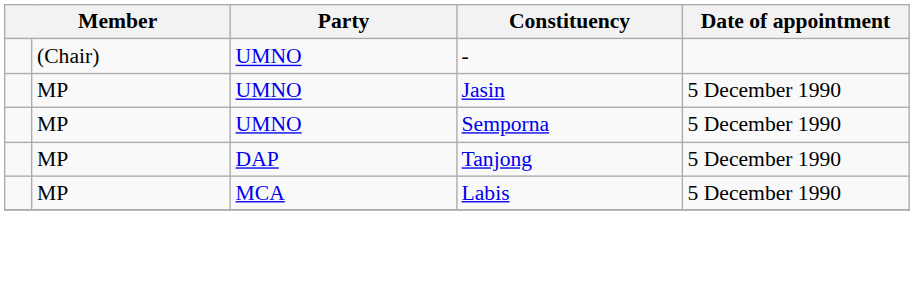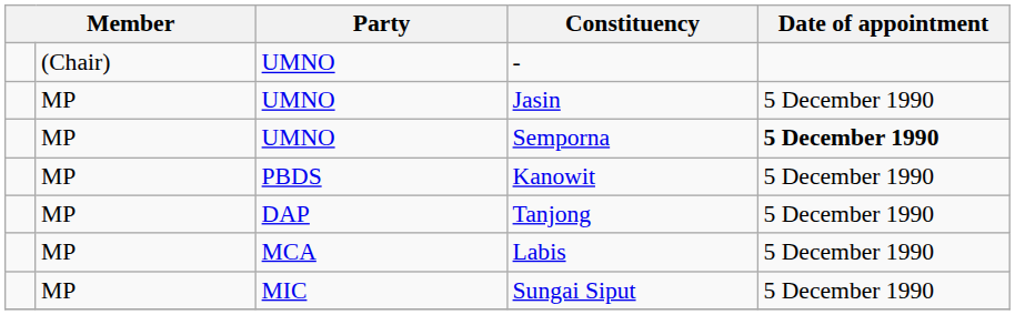 <table class="sortable wikitable">
 <tr>
 <th width="160px" colspan="2" valign="top">Member</th>
 <th width="160px" valign="top">Party</th>
 <th width="160px" valign="top">Constituency</th>
 <th width="160px" valign="top">Date of appointment</th>
 </tr>
 <tr>
 <td></td>
 <td> (Chair)</td>
 <td><a href='#'>UMNO</a></td>
 <td>-</td>
 <td></td>
 </tr>
 <tr>
 <td></td>
 <td> MP</td>
 <td><a href='#'>UMNO</a></td>
 <td><a href='#'>Jasin</a></td>
 <td>5 December 1990</td>
 </tr>
 <tr>
 <td></td>
 <td> MP</td>
 <td><a href='#'>UMNO</a></td>
 <td><a href='#'>Semporna</a></td>
+<td><strong>5 December 1990</strong></td>
+</tr>
+<tr>
+<td></td>
+<td> MP</td>
+<td><a href='#'>PBDS</a></td>
+<td><a href='#'>Kanowit</a></td>
 <td>5 December 1990</td>
 </tr>
 <tr>
 <td></td>
 <td> MP</td>
 <td><a href='#'>DAP</a></td>
 <td><a href='#'>Tanjong</a></td>
 <td>5 December 1990</td>
 </tr>
 <tr>
 <td></td>
 <td> MP</td>
 <td><a href='#'>MCA</a></td>
 <td><a href='#'>Labis</a></td>
 <td>5 December 1990</td>
 </tr>
 <tr>
+<td></td>
+<td> MP</td>
+<td><a href='#'>MIC</a></td>
+<td><a href='#'>Sungai Siput</a></td>
+<td>5 December 1990</td>
+</tr>
+<tr>
 </tr>
 </table>
